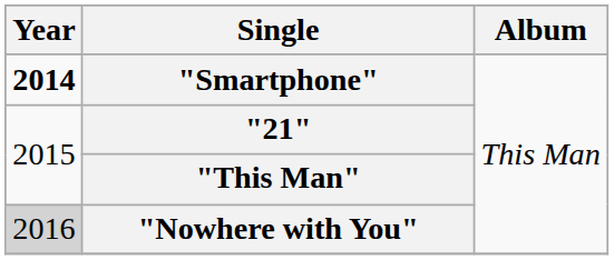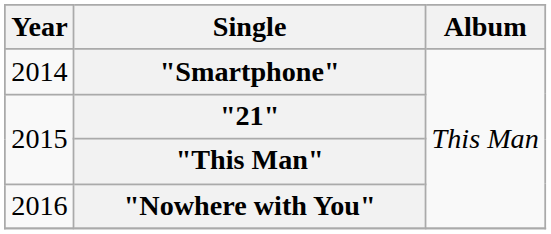 <table class="wikitable plainrowheaders" style="text-align:center;">
 <tr>
 <th>Year</th>
 <th style="width:12em;">Single</th>
 <th>Album</th>
 </tr>
 <tr>
-<td><strong>2014</strong></td>
+<td>2014</td>
 <th scope="row">"Smartphone"</th>
 <td align="left" rowspan="4"><em>This Man</em></td>
 </tr>
 <tr>
 <td rowspan="2">2015</td>
 <th scope="row">"21"</th>
 </tr>
 <tr>
 <th scope="row">"This Man"</th>
 </tr>
 <tr>
-<td style="background: lightgrey;">2016</td>
+<td>2016</td>
 <th scope="row">"Nowhere with You"</th>
 </tr>
 <tr>
 </tr>
 </table>
